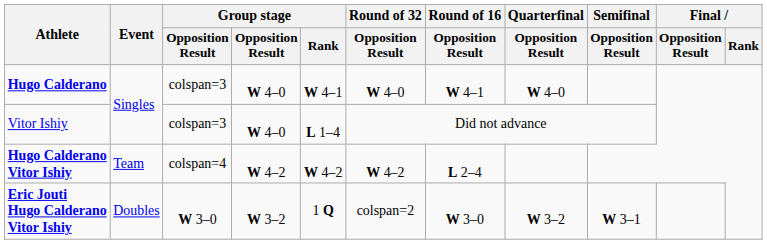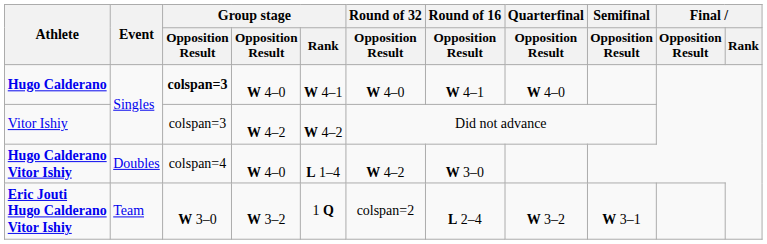 <table class=wikitable style=font-size:90%;text-align:center>
 <tr>
 <th rowspan=2>Athlete</th>
 <th rowspan=2>Event</th>
 <th colspan=3>Group stage</th>
 <th>Round of 32</th>
 <th>Round of 16</th>
 <th>Quarterfinal</th>
 <th>Semifinal</th>
 <th colspan=2>Final / </th>
 </tr>
 <tr style=font-size:95%>
 <th>Opposition<br>Result</th>
 <th>Opposition<br>Result</th>
 <th>Rank</th>
 <th>Opposition<br>Result</th>
 <th>Opposition<br>Result</th>
 <th>Opposition<br>Result</th>
 <th>Opposition<br>Result</th>
 <th>Opposition<br>Result</th>
 <th>Rank</th>
 </tr>
 <tr>
 <td align=left><strong><a href='#'>Hugo Calderano</a></strong></td>
 <td align=left rowspan=2><a href='#'>Singles</a></td>
-<td>colspan=3 </td>
+<td><strong>colspan=3 </strong></td>
 <td><br><strong>W</strong> 4–0</td>
 <td><br><strong>W</strong> 4–1</td>
 <td><br><strong>W</strong> 4–0</td>
 <td><br><strong>W</strong> 4–1</td>
 <td><br><strong>W</strong> 4–0</td>
 <td></td>
 </tr>
 <tr>
 <td align=left><a href='#'>Vitor Ishiy</a></td>
 <td>colspan=3 </td>
-<td><br><strong>W</strong> 4–0</td>
-<td><br><strong>L</strong> 1–4</td>
+<td><br><strong>W</strong> 4–2</td>
+<td><br><strong>W</strong> 4–2</td>
 <td colspan=4>Did not advance</td>
 </tr>
 <tr>
 <td align=left><strong><a href='#'>Hugo Calderano</a><br><a href='#'>Vitor Ishiy</a></strong></td>
-<td align=left><a href='#'>Team</a></td>
+<td align=left><a href='#'>Doubles</a></td>
 <td>colspan=4 </td>
+<td><br><strong>W</strong> 4–0</td>
+<td><br><strong>L</strong> 1–4</td>
 <td><br><strong>W</strong> 4–2</td>
-<td><br><strong>W</strong> 4–2</td>
-<td><br><strong>W</strong> 4–2</td>
-<td><br><strong>L</strong> 2–4</td>
+<td><br><strong>W</strong> 3–0</td>
 <td></td>
 </tr>
 <tr>
 <td align=left><strong><a href='#'>Eric Jouti</a><br><a href='#'>Hugo Calderano</a><br><a href='#'>Vitor Ishiy</a></strong></td>
-<td align=left><a href='#'>Doubles</a></td>
+<td align=left><a href='#'>Team</a></td>
 <td><br><strong>W</strong> 3–0</td>
 <td><br><strong>W</strong> 3–2</td>
 <td>1 <strong>Q</strong></td>
 <td>colspan=2 </td>
-<td><br><strong>W</strong> 3–0</td>
+<td><br><strong>L</strong> 2–4</td>
 <td><br><strong>W</strong> 3–2</td>
 <td><br><strong>W</strong> 3–1</td>
 <td></td>
 </tr>
 </table>
